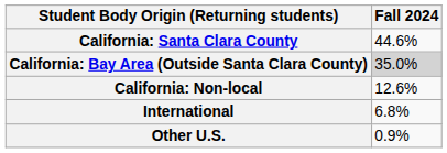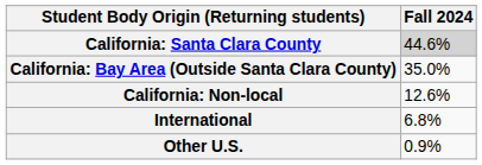 <table class="wikitable" style="text-align:left; float:right; font-size:85%; clear:right; margin-left:1em;"  class="wikitable">
 <tr>
 <th>Student Body Origin (Returning students)</th>
 <th>Fall 2024</th>
 </tr>
 <tr>
 <th>California: <a href='#'>Santa Clara County</a></th>
-<td>44.6%</td>
+<td style="background: lightgrey;">44.6%</td>
 </tr>
 <tr>
 <th>California: <a href='#'>Bay Area</a> (Outside Santa Clara County)</th>
-<td style="background: lightgrey;">35.0%</td>
+<td>35.0%</td>
 </tr>
 <tr>
 <th>California: Non-local</th>
 <td>12.6%</td>
 </tr>
 <tr>
 <th>International</th>
 <td>6.8%</td>
 </tr>
 <tr>
 <th>Other U.S.</th>
 <td>0.9%</td>
 </tr>
 </table>
